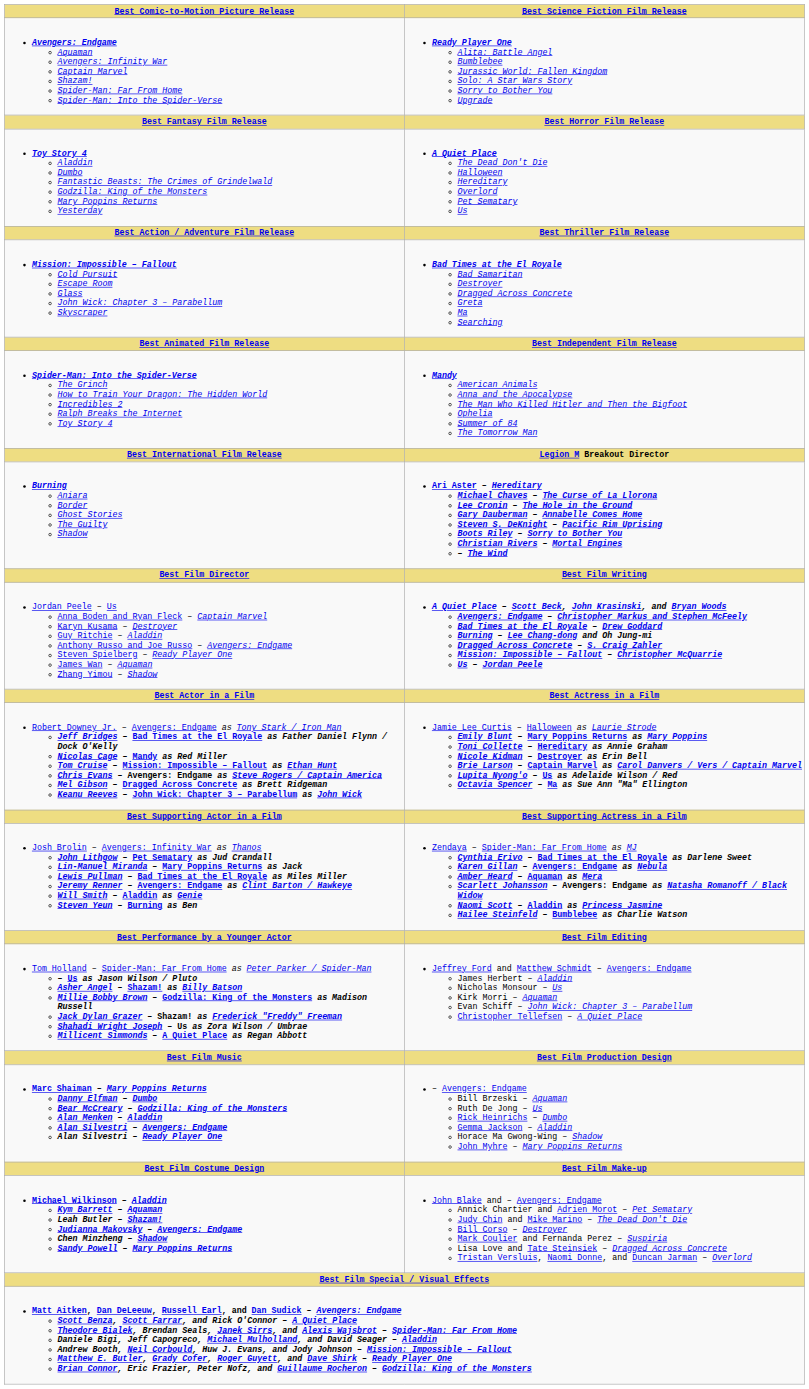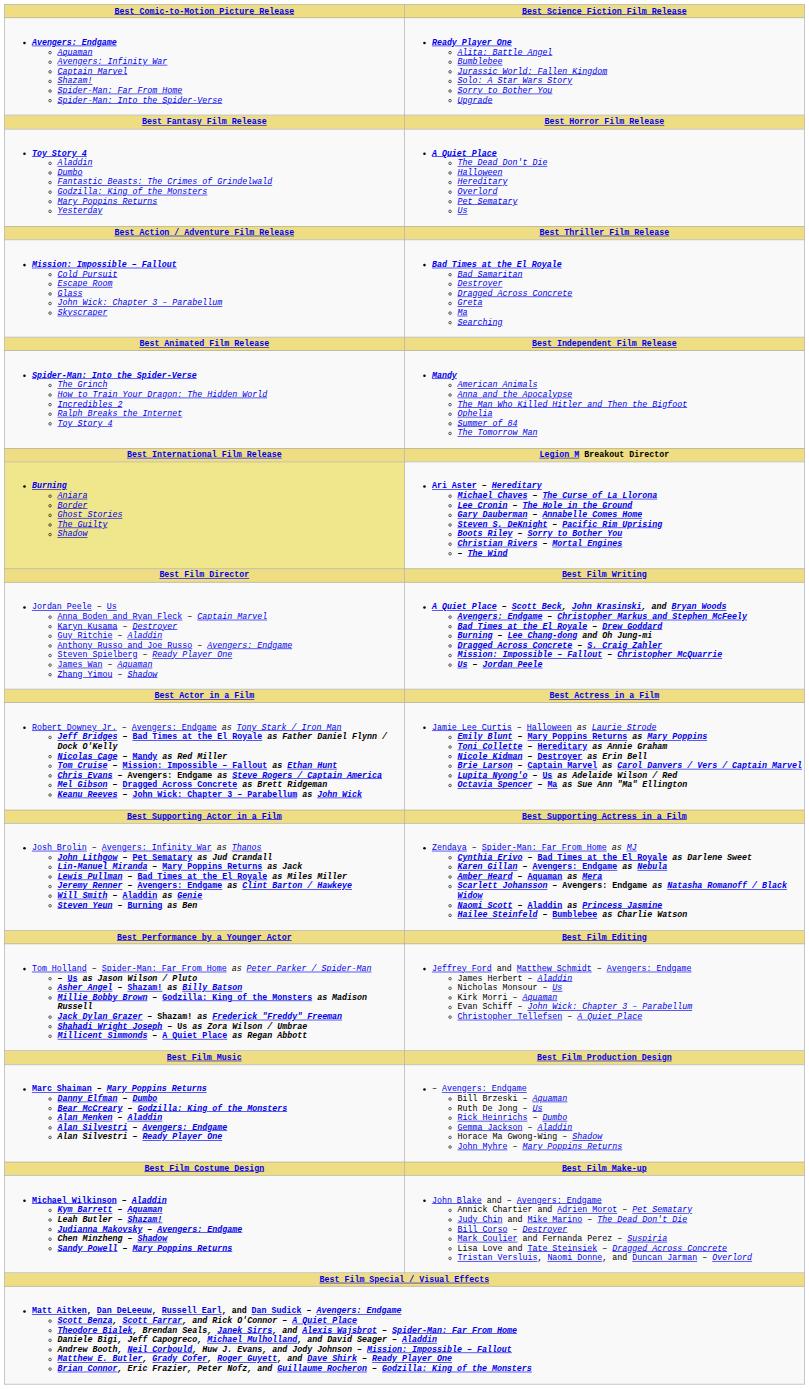 <table class=wikitable>
 <tr>
 <th style="background:#EEDD82; width:50%"><a href='#'>Best Comic-to-Motion Picture Release</a></th>
 <th style="background:#EEDD82; width:50%"><a href='#'>Best Science Fiction Film Release</a></th>
 </tr>
 <tr>
 <td valign="top"><br><ul><li><strong><em><a href='#'>Avengers: Endgame</a></em></strong><ul><li><em><a href='#'>Aquaman</a></em></li><li><em><a href='#'>Avengers: Infinity War</a></em></li><li><em><a href='#'>Captain Marvel</a></em></li><li><em><a href='#'>Shazam!</a></em></li><li><em><a href='#'>Spider-Man: Far From Home</a></em></li><li><em><a href='#'>Spider-Man: Into the Spider-Verse</a></em></li></ul></li></ul></td>
 <td valign="top"><br><ul><li><strong><em><a href='#'>Ready Player One</a></em></strong><ul><li><em><a href='#'>Alita: Battle Angel</a></em></li><li><em><a href='#'>Bumblebee</a></em></li><li><em><a href='#'>Jurassic World: Fallen Kingdom</a></em></li><li><em><a href='#'>Solo: A Star Wars Story</a></em></li><li><em><a href='#'>Sorry to Bother You</a></em></li><li><em><a href='#'>Upgrade</a></em></li></ul></li></ul></td>
 </tr>
 <tr>
 <th style="background:#EEDD82; width:50%"><a href='#'>Best Fantasy Film Release</a></th>
 <th style="background:#EEDD82; width:50%"><a href='#'>Best Horror Film Release</a></th>
 </tr>
 <tr>
 <td valign="top"><br><ul><li><strong><em><a href='#'>Toy Story 4</a></em></strong><ul><li><em><a href='#'>Aladdin</a></em></li><li><em><a href='#'>Dumbo</a></em></li><li><em><a href='#'>Fantastic Beasts: The Crimes of Grindelwald</a></em></li><li><em><a href='#'>Godzilla: King of the Monsters</a></em></li><li><em><a href='#'>Mary Poppins Returns</a></em></li><li><em><a href='#'>Yesterday</a></em></li></ul></li></ul></td>
 <td valign="top"><br><ul><li><strong><em><a href='#'>A Quiet Place</a></em></strong><ul><li><em><a href='#'>The Dead Don't Die</a></em></li><li><em><a href='#'>Halloween</a></em></li><li><em><a href='#'>Hereditary</a></em></li><li><em><a href='#'>Overlord</a></em></li><li><em><a href='#'>Pet Sematary</a></em></li><li><em><a href='#'>Us</a></em></li></ul></li></ul></td>
 </tr>
 <tr>
 <th style="background:#EEDD82; width:50%"><a href='#'>Best Action / Adventure Film Release</a></th>
 <th style="background:#EEDD82; width:50%"><a href='#'>Best Thriller Film Release</a></th>
 </tr>
 <tr>
 <td valign="top"><br><ul><li><strong><em><a href='#'>Mission: Impossible – Fallout</a></em></strong><ul><li><em><a href='#'>Cold Pursuit</a></em></li><li><em><a href='#'>Escape Room</a></em></li><li><em><a href='#'>Glass</a></em></li><li><em><a href='#'>John Wick: Chapter 3 – Parabellum</a></em></li><li><em><a href='#'>Skyscraper</a></em></li></ul></li></ul></td>
 <td valign="top"><br><ul><li><strong><em><a href='#'>Bad Times at the El Royale</a></em></strong><ul><li><em><a href='#'>Bad Samaritan</a></em></li><li><em><a href='#'>Destroyer</a></em></li><li><em><a href='#'>Dragged Across Concrete</a></em></li><li><em><a href='#'>Greta</a></em></li><li><em><a href='#'>Ma</a></em></li><li><em><a href='#'>Searching</a></em></li></ul></li></ul></td>
 </tr>
 <tr>
 <th style="background:#EEDD82; width:50%"><a href='#'>Best Animated Film Release</a></th>
 <th style="background:#EEDD82; width:50%"><a href='#'>Best Independent Film Release</a></th>
 </tr>
 <tr>
 <td valign="top"><br><ul><li><strong><em><a href='#'>Spider-Man: Into the Spider-Verse</a></em></strong><ul><li><em><a href='#'>The Grinch</a></em></li><li><em><a href='#'>How to Train Your Dragon: The Hidden World</a></em></li><li><em><a href='#'>Incredibles 2</a></em></li><li><em><a href='#'>Ralph Breaks the Internet</a></em></li><li><em><a href='#'>Toy Story 4</a></em></li></ul></li></ul></td>
 <td valign="top"><br><ul><li><strong><em><a href='#'>Mandy</a></em></strong><ul><li><em><a href='#'>American Animals</a></em></li><li><em><a href='#'>Anna and the Apocalypse</a></em></li><li><em><a href='#'>The Man Who Killed Hitler and Then the Bigfoot</a></em></li><li><em><a href='#'>Ophelia</a></em></li><li><em><a href='#'>Summer of 84</a></em></li><li><em><a href='#'>The Tomorrow Man</a></em></li></ul></li></ul></td>
 </tr>
 <tr>
 <th style="background:#EEDD82; width:50%"><a href='#'>Best International Film Release</a></th>
 <th style="background:#EEDD82; width:50%"><a href='#'>Legion M</a> Breakout Director</th>
 </tr>
 <tr>
-<td valign="top"><br><ul><li><strong><em><a href='#'>Burning</a></em></strong><ul><li><em><a href='#'>Aniara</a></em></li><li><em><a href='#'>Border</a></em></li><li><em><a href='#'>Ghost Stories</a></em></li><li><em><a href='#'>The Guilty</a></em></li><li><em><a href='#'>Shadow</a></em></li></ul></li></ul></td>
+<td valign="top" style="background: khaki;"><br><ul><li><strong><em><a href='#'>Burning</a></em></strong><ul><li><em><a href='#'>Aniara</a></em></li><li><em><a href='#'>Border</a></em></li><li><em><a href='#'>Ghost Stories</a></em></li><li><em><a href='#'>The Guilty</a></em></li><li><em><a href='#'>Shadow</a></em></li></ul></li></ul></td>
 <td valign="top"><br><ul><li><strong><a href='#'>Ari Aster</a> – <em><a href='#'>Hereditary</a><strong><em><ul><li><a href='#'>Michael Chaves</a> – </em><a href='#'>The Curse of La Llorona</a><em></li><li><a href='#'>Lee Cronin</a> – </em><a href='#'>The Hole in the Ground</a><em></li><li><a href='#'>Gary Dauberman</a> – </em><a href='#'>Annabelle Comes Home</a><em></li><li><a href='#'>Steven S. DeKnight</a> – </em><a href='#'>Pacific Rim Uprising</a><em></li><li><a href='#'>Boots Riley</a> – </em><a href='#'>Sorry to Bother You</a><em></li><li><a href='#'>Christian Rivers</a> – </em><a href='#'>Mortal Engines</a><em></li><li> – </em><a href='#'>The Wind</a><em></li></ul></li></ul></td>
 </tr>
 <tr>
 <th style="background:#EEDD82; width:50%"><a href='#'>Best Film Director</a></th>
 <th style="background:#EEDD82; width:50%"><a href='#'>Best Film Writing</a></th>
 </tr>
 <tr>
 <td valign="top"><br><ul><li></strong><a href='#'>Jordan Peele</a> – </em><a href='#'>Us</a></em></strong><ul><li><a href='#'>Anna Boden and Ryan Fleck</a> – <em><a href='#'>Captain Marvel</a></em></li><li><a href='#'>Karyn Kusama</a> – <em><a href='#'>Destroyer</a></em></li><li><a href='#'>Guy Ritchie</a> – <em><a href='#'>Aladdin</a></em></li><li><a href='#'>Anthony Russo and Joe Russo</a> – <em><a href='#'>Avengers: Endgame</a></em></li><li><a href='#'>Steven Spielberg</a> – <em><a href='#'>Ready Player One</a></em></li><li><a href='#'>James Wan</a> – <em><a href='#'>Aquaman</a></em></li><li><a href='#'>Zhang Yimou</a> – <em><a href='#'>Shadow</a></em></li></ul></li></ul></td>
 <td valign="top"><br><ul><li><strong><em><a href='#'>A Quiet Place</a><em> – <a href='#'>Scott Beck</a>, <a href='#'>John Krasinski</a>, and <a href='#'>Bryan Woods</a><strong><ul><li></em><a href='#'>Avengers: Endgame</a><em> – <a href='#'>Christopher Markus and Stephen McFeely</a></li><li></em><a href='#'>Bad Times at the El Royale</a><em> – <a href='#'>Drew Goddard</a></li><li></em><a href='#'>Burning</a><em> – <a href='#'>Lee Chang-dong</a> and Oh Jung-mi</li><li></em><a href='#'>Dragged Across Concrete</a><em> – <a href='#'>S. Craig Zahler</a></li><li></em><a href='#'>Mission: Impossible – Fallout</a><em> – <a href='#'>Christopher McQuarrie</a></li><li></em><a href='#'>Us</a><em> – <a href='#'>Jordan Peele</a></li></ul></li></ul></td>
 </tr>
 <tr>
 <th style="background:#EEDD82; width:50%"><a href='#'>Best Actor in a Film</a></th>
 <th style="background:#EEDD82; width:50%"><a href='#'>Best Actress in a Film</a></th>
 </tr>
 <tr>
 <td valign="top"><br><ul><li></strong><a href='#'>Robert Downey Jr.</a> – </em><a href='#'>Avengers: Endgame</a><em> as <a href='#'>Tony Stark / Iron Man</a><strong><ul><li><a href='#'>Jeff Bridges</a> – </em><a href='#'>Bad Times at the El Royale</a><em> as Father Daniel Flynn / Dock O'Kelly</li><li><a href='#'>Nicolas Cage</a> – </em><a href='#'>Mandy</a><em> as Red Miller</li><li><a href='#'>Tom Cruise</a> – </em><a href='#'>Mission: Impossible – Fallout</a><em> as <a href='#'>Ethan Hunt</a></li><li><a href='#'>Chris Evans</a> – </em>Avengers: Endgame<em> as <a href='#'>Steve Rogers / Captain America</a></li><li><a href='#'>Mel Gibson</a> – </em><a href='#'>Dragged Across Concrete</a><em> as Brett Ridgeman</li><li><a href='#'>Keanu Reeves</a> – </em><a href='#'>John Wick: Chapter 3 – Parabellum</a><em> as <a href='#'>John Wick</a></li></ul></li></ul></td>
 <td valign="top"><br><ul><li></strong><a href='#'>Jamie Lee Curtis</a> – </em><a href='#'>Halloween</a><em> as <a href='#'>Laurie Strode</a><strong><ul><li><a href='#'>Emily Blunt</a> – </em><a href='#'>Mary Poppins Returns</a><em> as <a href='#'>Mary Poppins</a></li><li><a href='#'>Toni Collette</a> – </em><a href='#'>Hereditary</a><em> as Annie Graham</li><li><a href='#'>Nicole Kidman</a> – </em><a href='#'>Destroyer</a><em> as Erin Bell</li><li><a href='#'>Brie Larson</a> – </em><a href='#'>Captain Marvel</a><em> as <a href='#'>Carol Danvers / Vers / Captain Marvel</a></li><li><a href='#'>Lupita Nyong'o</a> – </em><a href='#'>Us</a><em> as Adelaide Wilson / Red</li><li><a href='#'>Octavia Spencer</a> – </em><a href='#'>Ma</a><em> as Sue Ann "Ma" Ellington</li></ul></li></ul></td>
 </tr>
 <tr>
 <th style="background:#EEDD82; width:50%"><a href='#'>Best Supporting Actor in a Film</a></th>
 <th style="background:#EEDD82; width:50%"><a href='#'>Best Supporting Actress in a Film</a></th>
 </tr>
 <tr>
 <td valign="top"><br><ul><li></strong><a href='#'>Josh Brolin</a> – </em><a href='#'>Avengers: Infinity War</a><em> as <a href='#'>Thanos</a><strong><ul><li><a href='#'>John Lithgow</a> – </em><a href='#'>Pet Sematary</a><em> as Jud Crandall</li><li><a href='#'>Lin-Manuel Miranda</a> – </em><a href='#'>Mary Poppins Returns</a><em> as Jack</li><li><a href='#'>Lewis Pullman</a> – </em><a href='#'>Bad Times at the El Royale</a><em> as Miles Miller</li><li><a href='#'>Jeremy Renner</a> – </em><a href='#'>Avengers: Endgame</a><em> as <a href='#'>Clint Barton / Hawkeye</a></li><li><a href='#'>Will Smith</a> – </em><a href='#'>Aladdin</a><em> as <a href='#'>Genie</a></li><li><a href='#'>Steven Yeun</a> – </em><a href='#'>Burning</a><em> as Ben</li></ul></li></ul></td>
 <td valign="top"><br><ul><li></strong><a href='#'>Zendaya</a> – </em><a href='#'>Spider-Man: Far From Home</a><em> as <a href='#'>MJ</a><strong><ul><li><a href='#'>Cynthia Erivo</a> – </em><a href='#'>Bad Times at the El Royale</a><em> as Darlene Sweet</li><li><a href='#'>Karen Gillan</a> – </em><a href='#'>Avengers: Endgame</a><em> as <a href='#'>Nebula</a></li><li><a href='#'>Amber Heard</a> – </em><a href='#'>Aquaman</a><em> as <a href='#'>Mera</a></li><li><a href='#'>Scarlett Johansson</a> – </em>Avengers: Endgame<em> as <a href='#'>Natasha Romanoff / Black Widow</a></li><li><a href='#'>Naomi Scott</a> – </em><a href='#'>Aladdin</a><em> as <a href='#'>Princess Jasmine</a></li><li><a href='#'>Hailee Steinfeld</a> – </em><a href='#'>Bumblebee</a><em> as Charlie Watson</li></ul></li></ul></td>
 </tr>
 <tr>
 <th style="background:#EEDD82; width:50%"><a href='#'>Best Performance by a Younger Actor</a></th>
 <th style="background:#EEDD82; width:50%"><a href='#'>Best Film Editing</a></th>
 </tr>
 <tr>
 <td valign="top"><br><ul><li></strong><a href='#'>Tom Holland</a> – </em><a href='#'>Spider-Man: Far From Home</a><em> as <a href='#'>Peter Parker / Spider-Man</a><strong><ul><li> – </em><a href='#'>Us</a><em> as Jason Wilson / Pluto</li><li><a href='#'>Asher Angel</a> – </em><a href='#'>Shazam!</a><em> as <a href='#'>Billy Batson</a></li><li><a href='#'>Millie Bobby Brown</a> – </em><a href='#'>Godzilla: King of the Monsters</a><em> as Madison Russell</li><li><a href='#'>Jack Dylan Grazer</a> – </em>Shazam!<em> as <a href='#'>Frederick "Freddy" Freeman</a></li><li><a href='#'>Shahadi Wright Joseph</a> – </em>Us<em> as Zora Wilson / Umbrae</li><li><a href='#'>Millicent Simmonds</a> – </em><a href='#'>A Quiet Place</a><em> as Regan Abbott</li></ul></li></ul></td>
 <td valign="top"><br><ul><li></strong><a href='#'>Jeffrey Ford</a> and <a href='#'>Matthew Schmidt</a> – </em><a href='#'>Avengers: Endgame</a></em></strong><ul><li>James Herbert – <em><a href='#'>Aladdin</a></em></li><li>Nicholas Monsour – <em><a href='#'>Us</a></em></li><li>Kirk Morri – <em><a href='#'>Aquaman</a></em></li><li>Evan Schiff – <em><a href='#'>John Wick: Chapter 3 – Parabellum</a></em></li><li><a href='#'>Christopher Tellefsen</a> – <em><a href='#'>A Quiet Place</a></em></li></ul></li></ul></td>
 </tr>
 <tr>
 <th style="background:#EEDD82; width:50%"><a href='#'>Best Film Music</a></th>
 <th style="background:#EEDD82; width:50%"><a href='#'>Best Film Production Design</a></th>
 </tr>
 <tr>
 <td valign="top"><br><ul><li><strong><a href='#'>Marc Shaiman</a> – <em><a href='#'>Mary Poppins Returns</a><strong><em><ul><li><a href='#'>Danny Elfman</a> – </em><a href='#'>Dumbo</a><em></li><li><a href='#'>Bear McCreary</a> – </em><a href='#'>Godzilla: King of the Monsters</a><em></li><li><a href='#'>Alan Menken</a> – </em><a href='#'>Aladdin</a><em></li><li><a href='#'>Alan Silvestri</a> – </em><a href='#'>Avengers: Endgame</a><em></li><li>Alan Silvestri – </em><a href='#'>Ready Player One</a><em></li></ul></li></ul></td>
 <td valign="top"><br><ul><li></strong> – </em><a href='#'>Avengers: Endgame</a></em></strong><ul><li>Bill Brzeski – <em><a href='#'>Aquaman</a></em></li><li>Ruth De Jong – <em><a href='#'>Us</a></em></li><li><a href='#'>Rick Heinrichs</a> – <em><a href='#'>Dumbo</a></em></li><li><a href='#'>Gemma Jackson</a> – <em><a href='#'>Aladdin</a></em></li><li>Horace Ma Gwong-Wing – <em><a href='#'>Shadow</a></em></li><li><a href='#'>John Myhre</a> – <em><a href='#'>Mary Poppins Returns</a></em></li></ul></li></ul></td>
 </tr>
 <tr>
 <th style="background:#EEDD82; width:50%"><a href='#'>Best Film Costume Design</a></th>
 <th style="background:#EEDD82; width:50%"><a href='#'>Best Film Make-up</a></th>
 </tr>
 <tr>
 <td valign="top"><br><ul><li><strong><a href='#'>Michael Wilkinson</a> – <em><a href='#'>Aladdin</a><strong><em><ul><li><a href='#'>Kym Barrett</a> – </em><a href='#'>Aquaman</a><em></li><li>Leah Butler – </em><a href='#'>Shazam!</a><em></li><li><a href='#'>Judianna Makovsky</a> – </em><a href='#'>Avengers: Endgame</a><em></li><li>Chen Minzheng – </em><a href='#'>Shadow</a><em></li><li><a href='#'>Sandy Powell</a> – </em><a href='#'>Mary Poppins Returns</a><em></li></ul></li></ul></td>
 <td valign="top"><br><ul><li></strong><a href='#'>John Blake</a> and  – </em><a href='#'>Avengers: Endgame</a></em></strong><ul><li>Annick Chartier and <a href='#'>Adrien Morot</a> – <em><a href='#'>Pet Sematary</a></em></li><li><a href='#'>Judy Chin</a> and <a href='#'>Mike Marino</a> – <em><a href='#'>The Dead Don't Die</a></em></li><li><a href='#'>Bill Corso</a> – <em><a href='#'>Destroyer</a></em></li><li><a href='#'>Mark Coulier</a> and Fernanda Perez – <em><a href='#'>Suspiria</a></em></li><li>Lisa Love and <a href='#'>Tate Steinsiek</a> – <em><a href='#'>Dragged Across Concrete</a></em></li><li><a href='#'>Tristan Versluis</a>, <a href='#'>Naomi Donne</a>, and <a href='#'>Duncan Jarman</a> – <em><a href='#'>Overlord</a></em></li></ul></li></ul></td>
 </tr>
 <tr>
 <th colspan="2" style="background:#EEDD82; width:50%"><a href='#'>Best Film Special / Visual Effects</a></th>
 </tr>
 <tr>
 <td colspan="2" valign="top"><br><ul><li><strong><a href='#'>Matt Aitken</a>, <a href='#'>Dan DeLeeuw</a>, <a href='#'>Russell Earl</a>, and <a href='#'>Dan Sudick</a> – <em><a href='#'>Avengers: Endgame</a><strong><em><ul><li><a href='#'>Scott Benza</a>, <a href='#'>Scott Farrar</a>, and Rick O'Connor – </em><a href='#'>A Quiet Place</a><em></li><li><a href='#'>Theodore Bialek</a>, Brendan Seals, <a href='#'>Janek Sirrs</a>, and <a href='#'>Alexis Wajsbrot</a> – </em><a href='#'>Spider-Man: Far From Home</a><em></li><li>Daniele Bigi, Jeff Capogreco, <a href='#'>Michael Mulholland</a>, and David Seager – </em><a href='#'>Aladdin</a><em></li><li>Andrew Booth, <a href='#'>Neil Corbould</a>, Huw J. Evans, and Jody Johnson – </em><a href='#'>Mission: Impossible – Fallout</a><em></li><li><a href='#'>Matthew E. Butler</a>, <a href='#'>Grady Cofer</a>, <a href='#'>Roger Guyett</a>, and <a href='#'>Dave Shirk</a> – </em><a href='#'>Ready Player One</a><em></li><li><a href='#'>Brian Connor</a>, Eric Frazier, Peter Nofz, and <a href='#'>Guillaume Rocheron</a> – </em><a href='#'>Godzilla: King of the Monsters</a><em></li></ul></li></ul></td>
 </tr>
 </table>
